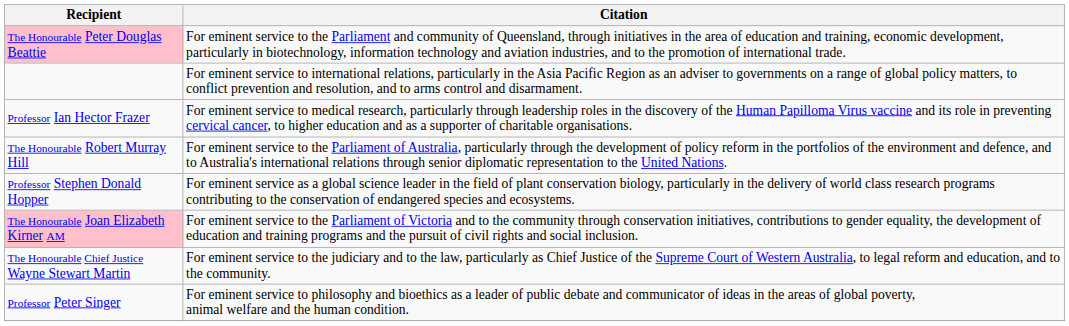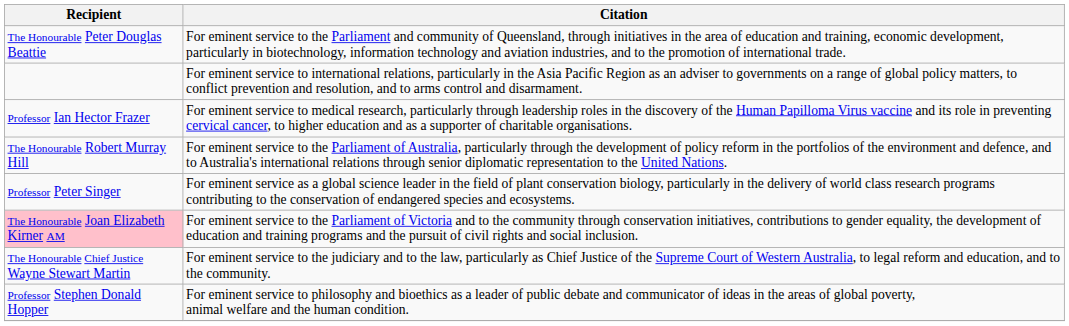 <table class=wikitable>
 <tr>
 <th>Recipient</th>
 <th>Citation</th>
 </tr>
 <tr>
-<td style="background: pink;"><small><a href='#'>The Honourable</a></small> <a href='#'>Peter Douglas Beattie</a></td>
+<td><small><a href='#'>The Honourable</a></small> <a href='#'>Peter Douglas Beattie</a></td>
 <td>For eminent service to the <a href='#'>Parliament</a> and community of Queensland, through initiatives in the area of education and training, economic development, particularly in biotechnology, information technology and aviation industries, and to the promotion of international trade.</td>
 </tr>
 <tr>
 <td></td>
 <td>For eminent service to international relations, particularly in the Asia Pacific Region as an adviser to governments on a range of global policy matters, to conflict prevention and resolution, and to arms control and disarmament.</td>
 </tr>
 <tr>
 <td><small><a href='#'>Professor</a></small> <a href='#'>Ian Hector Frazer</a></td>
 <td>For eminent service to medical research, particularly through leadership roles in the discovery of the <a href='#'>Human Papilloma Virus vaccine</a> and its role in preventing <a href='#'>cervical cancer</a>, to higher education and as a supporter of charitable organisations.</td>
 </tr>
 <tr>
 <td><small><a href='#'>The Honourable</a></small> <a href='#'>Robert Murray Hill</a></td>
 <td>For eminent service to the <a href='#'>Parliament of Australia</a>, particularly through the development of policy reform in the portfolios of the environment and defence, and to Australia's international relations through senior diplomatic representation to the <a href='#'>United Nations</a>.</td>
 </tr>
 <tr>
-<td><small><a href='#'>Professor</a></small> <a href='#'>Stephen Donald Hopper</a></td>
+<td><small><a href='#'>Professor</a></small> <a href='#'>Peter Singer</a></td>
 <td>For eminent service as a global science leader in the field of plant conservation biology, particularly in the delivery of world class research programs contributing to the conservation of endangered species and ecosystems.</td>
 </tr>
 <tr>
 <td style="background: pink;"><small><a href='#'>The Honourable</a></small> <a href='#'>Joan Elizabeth Kirner</a> <small><a href='#'>AM</a></small></td>
 <td>For eminent service to the <a href='#'>Parliament of Victoria</a> and to the community through conservation initiatives, contributions to gender equality, the development of education and training programs and the pursuit of civil rights and social inclusion.</td>
 </tr>
 <tr>
 <td><small><a href='#'>The Honourable</a> <a href='#'>Chief Justice</a></small> <a href='#'>Wayne Stewart Martin</a></td>
 <td>For eminent service to the judiciary and to the law, particularly as Chief Justice of the <a href='#'>Supreme Court of Western Australia</a>, to legal reform and education, and to the community.</td>
 </tr>
 <tr>
-<td><small><a href='#'>Professor</a></small> <a href='#'>Peter Singer</a></td>
+<td><small><a href='#'>Professor</a></small> <a href='#'>Stephen Donald Hopper</a></td>
 <td>For eminent service to philosophy and bioethics as a leader of public debate and communicator of ideas in the areas of global poverty,<br>animal welfare and the human condition.</td>
 </tr>
 <tr>
 </tr>
 </table>
